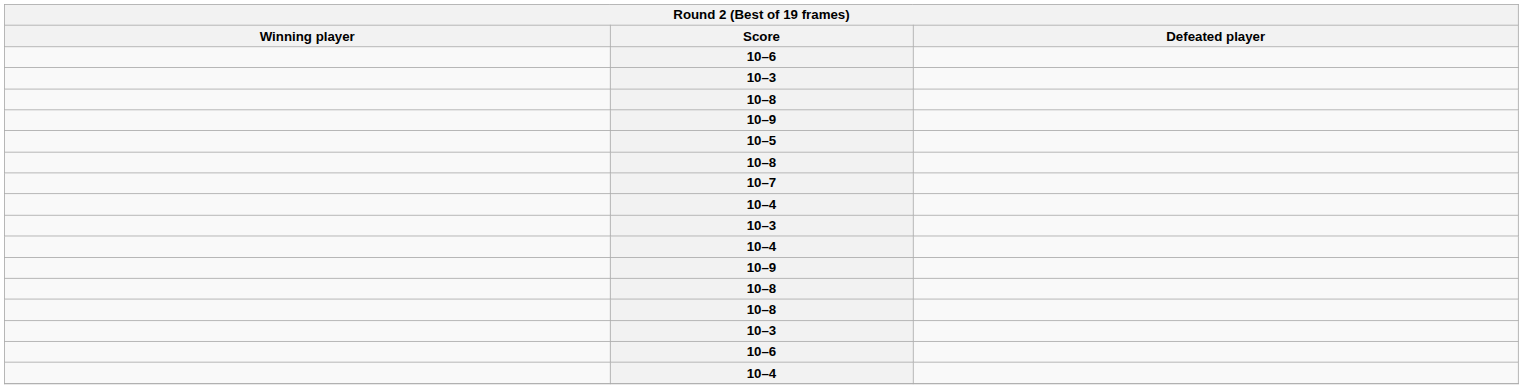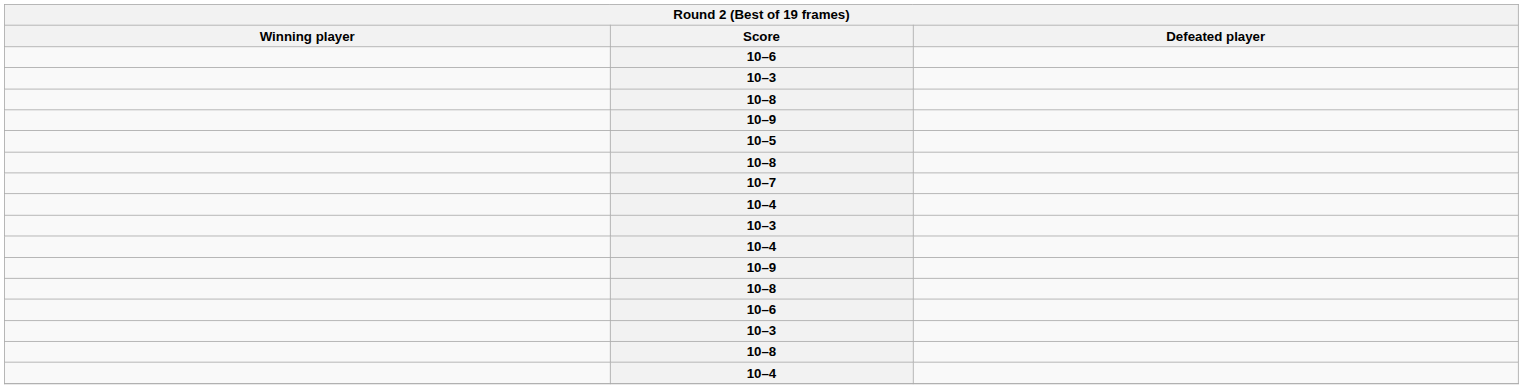 <table class="wikitable" style="width:92%">
 <tr>
 <th scope="col" colspan=3 style="text-align:center"><strong>Round 2</strong> (Best of 19 frames)</th>
 </tr>
 <tr>
 <th scope="col">Winning player</th>
 <th scope="col">Score</th>
 <th scope="col">Defeated player</th>
 </tr>
 <tr>
 <td style="width:40%"><strong></strong></td>
 <th scope="row" style="text-align: center; width:20%"><strong>10</strong>–6</th>
 <td style="width:40%"></td>
 </tr>
 <tr>
 <td><strong></strong></td>
 <th scope="row" style="text-align:center"><strong>10</strong>–3</th>
 <td></td>
 </tr>
 <tr>
 <td><strong></strong></td>
 <th scope="row" style="text-align:center"><strong>10</strong>–8</th>
 <td></td>
 </tr>
 <tr>
 <td><strong></strong></td>
 <th scope="row" style="text-align:center"><strong>10</strong>–9</th>
 <td></td>
 </tr>
 <tr>
 <td><strong></strong></td>
 <th scope="row" style="text-align:center"><strong>10</strong>–5</th>
 <td></td>
 </tr>
 <tr>
 <td><strong></strong></td>
 <th scope="row" style="text-align:center"><strong>10</strong>–8</th>
 <td></td>
 </tr>
 <tr>
 <td><strong></strong></td>
 <th scope="row" style="text-align:center"><strong>10</strong>–7</th>
 <td></td>
 </tr>
 <tr>
 <td><strong></strong></td>
 <th scope="row" style="text-align:center"><strong>10</strong>–4</th>
 <td></td>
 </tr>
 <tr>
 <td><strong></strong></td>
 <th scope="row" style="text-align:center"><strong>10</strong>–3</th>
 <td></td>
 </tr>
 <tr>
 <td><strong></strong></td>
 <th scope="row" style="text-align:center"><strong>10</strong>–4</th>
 <td></td>
 </tr>
 <tr>
 <td><strong></strong></td>
 <th scope="row" style="text-align:center"><strong>10</strong>–9</th>
 <td></td>
 </tr>
 <tr>
 <td><strong></strong></td>
 <th scope="row" style="text-align:center"><strong>10</strong>–8</th>
 <td></td>
 </tr>
 <tr>
 <td><strong></strong></td>
-<th scope="row" style="text-align:center"><strong>10</strong>–8</th>
+<th scope="row" style="text-align:center"><strong>10</strong>–6</th>
 <td></td>
 </tr>
 <tr>
 <td><strong></strong></td>
 <th scope="row" style="text-align:center"><strong>10</strong>–3</th>
 <td></td>
 </tr>
 <tr>
 <td><strong></strong></td>
-<th scope="row" style="text-align:center"><strong>10</strong>–6</th>
+<th scope="row" style="text-align:center"><strong>10</strong>–8</th>
 <td></td>
 </tr>
 <tr>
 <td><strong></strong></td>
 <th scope="row" style="text-align:center"><strong>10</strong>–4</th>
 <td></td>
 </tr>
 <tr>
 </tr>
 </table>
